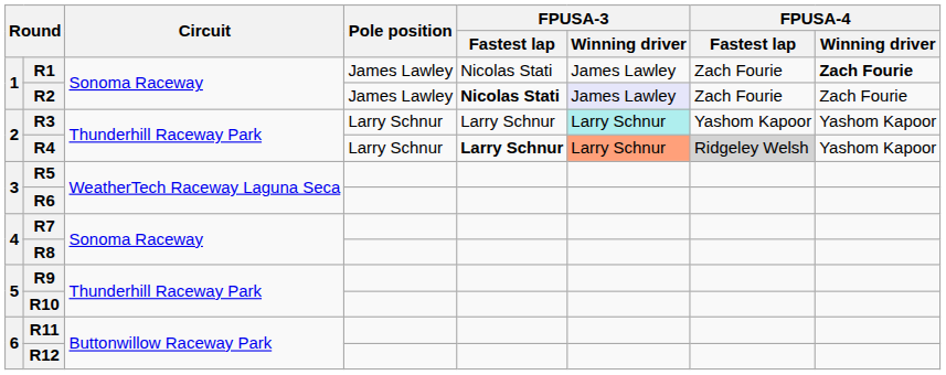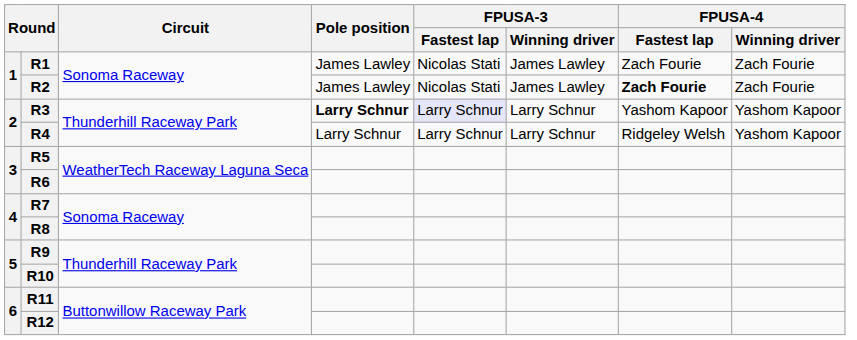 <table class="wikitable" style="font-size:85%;">
 <tr>
 <th colspan="2" rowspan="2">Round</th>
 <th rowspan="2">Circuit</th>
 <th rowspan="2">Pole position</th>
 <th colspan="2">FPUSA-3</th>
 <th colspan="2">FPUSA-4</th>
 </tr>
 <tr>
 <th>Fastest lap</th>
 <th>Winning driver</th>
 <th>Fastest lap</th>
 <th>Winning driver</th>
 </tr>
 <tr>
 <th rowspan="2">1</th>
 <th>R1</th>
 <td rowspan="2"><a href='#'>Sonoma Raceway</a></td>
 <td> James Lawley</td>
 <td> Nicolas Stati</td>
 <td> James Lawley</td>
 <td> Zach Fourie</td>
-<td><strong> Zach Fourie</strong></td>
+<td> Zach Fourie</td>
 </tr>
 <tr>
 <th>R2</th>
 <td> James Lawley</td>
-<td><strong> Nicolas Stati</strong></td>
-<td style="background: lavender;"> James Lawley</td>
-<td> Zach Fourie</td>
+<td> Nicolas Stati</td>
+<td> James Lawley</td>
+<td><strong> Zach Fourie</strong></td>
 <td> Zach Fourie</td>
 </tr>
 <tr>
 <th rowspan="2">2</th>
 <th>R3</th>
 <td rowspan="2"><a href='#'>Thunderhill Raceway Park</a></td>
+<td><strong> Larry Schnur</strong></td>
+<td style="background: lavender;"> Larry Schnur</td>
 <td> Larry Schnur</td>
-<td> Larry Schnur</td>
-<td style="background: paleturquoise;"> Larry Schnur</td>
 <td> Yashom Kapoor</td>
 <td> Yashom Kapoor</td>
 </tr>
 <tr>
 <th>R4</th>
 <td> Larry Schnur</td>
-<td><strong> Larry Schnur</strong></td>
-<td style="background: lightsalmon;"> Larry Schnur</td>
-<td style="background: lightgrey;"> Ridgeley Welsh</td>
+<td> Larry Schnur</td>
+<td> Larry Schnur</td>
+<td> Ridgeley Welsh</td>
 <td> Yashom Kapoor</td>
 </tr>
 <tr>
 <th rowspan="2">3</th>
 <th>R5</th>
 <td rowspan="2"><a href='#'>WeatherTech Raceway Laguna Seca</a></td>
 <td></td>
 <td></td>
 <td></td>
 <td></td>
 <td></td>
 </tr>
 <tr>
 <th>R6</th>
 <td></td>
 <td></td>
 <td></td>
 <td></td>
 <td></td>
 </tr>
 <tr>
 <th rowspan="2">4</th>
 <th>R7</th>
 <td rowspan="2"><a href='#'>Sonoma Raceway</a></td>
 <td></td>
 <td></td>
 <td></td>
 <td></td>
 <td></td>
 </tr>
 <tr>
 <th>R8</th>
 <td></td>
 <td></td>
 <td></td>
 <td></td>
 <td></td>
 </tr>
 <tr>
 <th rowspan="2">5</th>
 <th>R9</th>
 <td rowspan="2"><a href='#'>Thunderhill Raceway Park</a></td>
 <td></td>
 <td></td>
 <td></td>
 <td></td>
 <td></td>
 </tr>
 <tr>
 <th>R10</th>
 <td></td>
 <td></td>
 <td></td>
 <td></td>
 <td></td>
 </tr>
 <tr>
 <th rowspan="2">6</th>
 <th>R11</th>
 <td rowspan="2"><a href='#'>Buttonwillow Raceway Park</a></td>
 <td></td>
 <td></td>
 <td></td>
 <td></td>
 <td></td>
 </tr>
 <tr>
 <th>R12</th>
 <td></td>
 <td></td>
 <td></td>
 <td></td>
 <td></td>
 </tr>
 </table>
